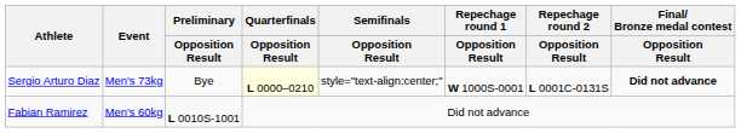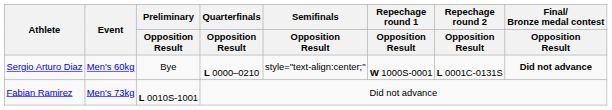 <table class=wikitable style="font-size:90%">
 <tr>
 <th rowspan="2">Athlete</th>
 <th rowspan="2">Event</th>
 <th>Preliminary</th>
 <th>Quarterfinals</th>
 <th>Semifinals</th>
 <th>Repechage <br>round 1</th>
 <th>Repechage <br>round 2</th>
 <th>Final/<br>Bronze medal contest</th>
 </tr>
 <tr>
 <th>Opposition<br>Result</th>
 <th>Opposition<br>Result</th>
 <th>Opposition<br>Result</th>
 <th>Opposition<br>Result</th>
 <th>Opposition<br>Result</th>
 <th>Opposition<br>Result</th>
 </tr>
 <tr>
 <td><a href='#'>Sergio Arturo Diaz</a></td>
-<td style="text-align:center;"><a href='#'>Men's 73kg</a></td>
+<td style="text-align:center;"><a href='#'>Men's 60kg</a></td>
 <td style="text-align:center;">Bye</td>
-<td style="background: lightyellow; text-align:center;"><br> <strong>L</strong> 0000–0210</td>
+<td style="text-align:center;"><br> <strong>L</strong> 0000–0210</td>
 <td>style="text-align:center;" </td>
 <td style="text-align:center;"><br> <strong>W</strong> 1000S-0001</td>
 <td style="text-align:center;"><br> <strong>L</strong> 0001C-0131S</td>
 <td style="text-align:center;"><strong>Did not advance</strong></td>
 </tr>
 <tr>
 <td><a href='#'>Fabian Ramirez</a></td>
-<td style="text-align:center;"><a href='#'>Men's 60kg</a></td>
+<td style="text-align:center;"><a href='#'>Men's 73kg</a></td>
 <td style="text-align:center;"><br> <strong>L</strong> 0010S-1001</td>
 <td style="text-align:center;" colspan="5">Did not advance</td>
 </tr>
 </table>
